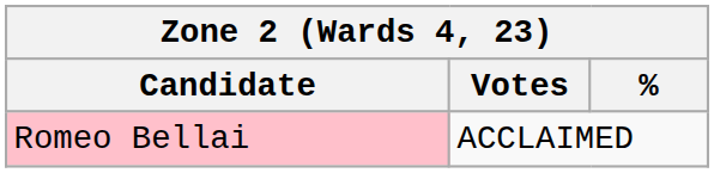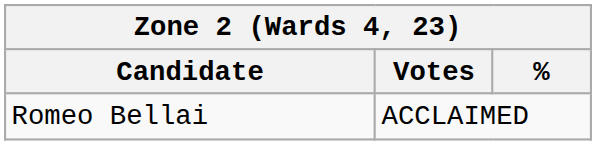 <table class="wikitable">
 <tr>
 <th colspan="3">Zone 2 (Wards 4, 23)</th>
 </tr>
 <tr>
 <th style="width: 170px">Candidate</th>
 <th style="width: 50px">Votes</th>
 <th style="width: 40px">%</th>
 </tr>
 <tr>
-<td style="background: pink;">Romeo Bellai</td>
+<td>Romeo Bellai</td>
 <td colspan="2">ACCLAIMED</td>
 </tr>
 </table>
